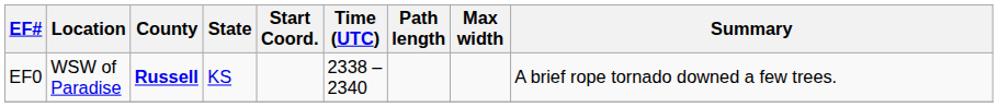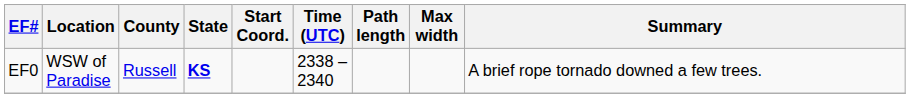 <table class="wikitable sortable" style="width:100%;">
 <tr>
 <th scope="col"  style="width:3%; text-align:center;"><a href='#'>EF#</a></th>
 <th scope="col"  style="width:7%; text-align:center;" class="unsortable">Location</th>
 <th scope="col"  style="width:6%; text-align:center;" class="unsortable">County</th>
 <th scope="col"  style="width:5%; text-align:center;">State</th>
 <th scope="col"  style="width:6%; text-align:center;">Start Coord.</th>
 <th scope="col"  style="width:6%; text-align:center;">Time (<a href='#'>UTC</a>)</th>
 <th scope="col"  style="width:6%; text-align:center;">Path length</th>
 <th scope="col"  style="width:6%; text-align:center;">Max width</th>
 <th scope="col" class="unsortable" style="width:48%; text-align:center;">Summary</th>
 </tr>
 <tr>
 <td>EF0</td>
 <td>WSW of <a href='#'>Paradise</a></td>
-<td><strong><a href='#'>Russell</a></strong></td>
-<td><a href='#'>KS</a></td>
+<td><a href='#'>Russell</a></td>
+<td><strong><a href='#'>KS</a></strong></td>
 <td></td>
 <td>2338 – 2340</td>
 <td></td>
 <td></td>
 <td>A brief rope tornado downed a few trees.</td>
 </tr>
 <tr>
 </tr>
 </table>
